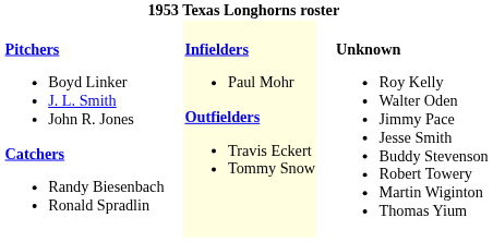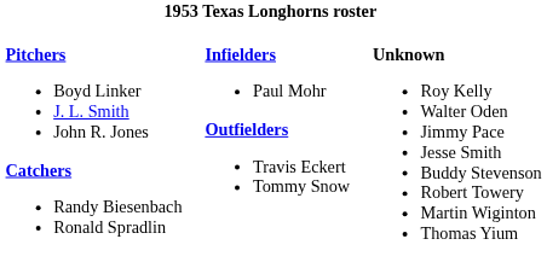 <table class="toccolours" style="border-collapse:collapse; font-size:90%;">
 <tr>
 <th colspan=9>1953 Texas Longhorns roster</th>
 </tr>
 <tr>
 <td width="03"> </td>
 <td valign="top"><br><strong><a href='#'>Pitchers</a></strong><ul><li>Boyd Linker</li><li><a href='#'>J. L. Smith</a></li><li>John R. Jones</li></ul><strong><a href='#'>Catchers</a></strong><ul><li>Randy Biesenbach</li><li>Ronald Spradlin</li></ul></td>
 <td width="15"> </td>
-<td valign="top" style="background: lightyellow;"><br><strong><a href='#'>Infielders</a></strong><ul><li>Paul Mohr</li></ul><strong><a href='#'>Outfielders</a></strong><ul><li>Travis Eckert</li><li>Tommy Snow</li></ul></td>
+<td valign="top"><br><strong><a href='#'>Infielders</a></strong><ul><li>Paul Mohr</li></ul><strong><a href='#'>Outfielders</a></strong><ul><li>Travis Eckert</li><li>Tommy Snow</li></ul></td>
 <td width="15"> </td>
 <td valign="top"><br><strong>Unknown</strong><ul><li>Roy Kelly</li><li>Walter Oden</li><li>Jimmy Pace</li><li>Jesse Smith</li><li>Buddy Stevenson</li><li>Robert Towery</li><li>Martin Wiginton</li><li>Thomas Yium</li></ul></td>
 </tr>
 </table>
